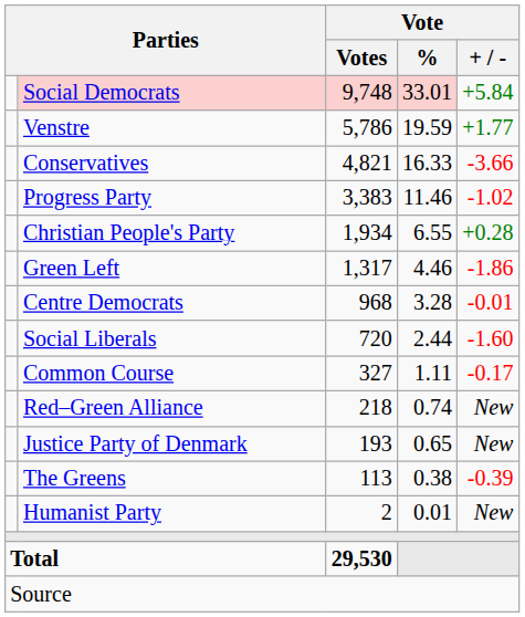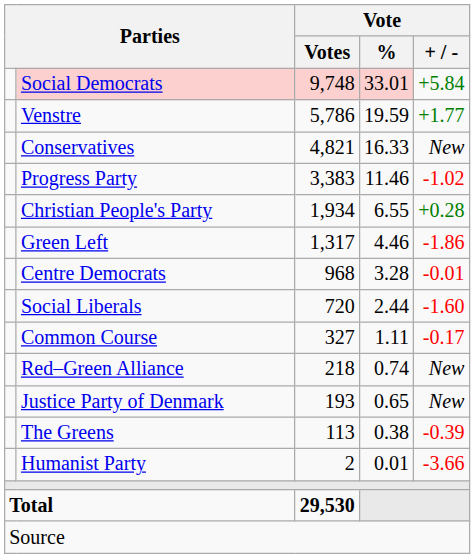 <table class="wikitable" style="text-align:right;">
 <tr>
 <th style="text-align:centre;" rowspan="2" colspan="2" width="225">Parties</th>
 <th colspan="3">Vote</th>
 </tr>
 <tr>
 <th width="15">Votes</th>
 <th width="15">%</th>
 <th width="15">+ / -</th>
 </tr>
 <tr>
 <td width="2" style="color:inherit;background:"></td>
 <td bgcolor=#fbd0ce  align="left"><a href='#'>Social Democrats</a></td>
 <td bgcolor=#fbd0ce>9,748</td>
 <td bgcolor=#fbd0ce>33.01</td>
 <td style=color:green;>+5.84</td>
 </tr>
 <tr>
 <td width="2" style="color:inherit;background:"></td>
 <td align="left"><a href='#'>Venstre</a></td>
 <td>5,786</td>
 <td>19.59</td>
 <td style=color:green;>+1.77</td>
 </tr>
 <tr>
 <td width="2" style="color:inherit;background:"></td>
 <td align="left"><a href='#'>Conservatives</a></td>
 <td>4,821</td>
 <td>16.33</td>
-<td style=color:red;>-3.66</td>
+<td><em>New</em></td>
 </tr>
 <tr>
 <td width="2" style="color:inherit;background:"></td>
 <td align="left"><a href='#'>Progress Party</a></td>
 <td>3,383</td>
 <td>11.46</td>
 <td style=color:red;>-1.02</td>
 </tr>
 <tr>
 <td width="2" style="color:inherit;background:"></td>
 <td align="left"><a href='#'>Christian People's Party</a></td>
 <td>1,934</td>
 <td>6.55</td>
 <td style=color:green;>+0.28</td>
 </tr>
 <tr>
 <td width="2" style="color:inherit;background:"></td>
 <td align="left"><a href='#'>Green Left</a></td>
 <td>1,317</td>
 <td>4.46</td>
 <td style=color:red;>-1.86</td>
 </tr>
 <tr>
 <td width="2" style="color:inherit;background:"></td>
 <td align="left"><a href='#'>Centre Democrats</a></td>
 <td>968</td>
 <td>3.28</td>
 <td style=color:red;>-0.01</td>
 </tr>
 <tr>
 <td width="2" style="color:inherit;background:"></td>
 <td align="left"><a href='#'>Social Liberals</a></td>
 <td>720</td>
 <td>2.44</td>
 <td style=color:red;>-1.60</td>
 </tr>
 <tr>
 <td width="2" style="color:inherit;background:"></td>
 <td align="left"><a href='#'>Common Course</a></td>
 <td>327</td>
 <td>1.11</td>
 <td style=color:red;>-0.17</td>
 </tr>
 <tr>
 <td width="2" style="color:inherit;background:"></td>
 <td align="left"><a href='#'>Red–Green Alliance</a></td>
 <td>218</td>
 <td>0.74</td>
 <td><em>New</em></td>
 </tr>
 <tr>
 <td width="2" style="color:inherit;background:"></td>
 <td align="left"><a href='#'>Justice Party of Denmark</a></td>
 <td>193</td>
 <td>0.65</td>
 <td><em>New</em></td>
 </tr>
 <tr>
 <td width="2" style="color:inherit;background:"></td>
 <td align="left"><a href='#'>The Greens</a></td>
 <td>113</td>
 <td>0.38</td>
 <td style=color:red;>-0.39</td>
 </tr>
 <tr>
 <td width="2" style="color:inherit;background:"></td>
 <td align="left"><a href='#'>Humanist Party</a></td>
 <td>2</td>
 <td>0.01</td>
-<td><em>New</em></td>
+<td style=color:red;>-3.66</td>
 </tr>
 <tr>
 <td colspan="7" bgcolor="#E9E9E9"></td>
 </tr>
 <tr>
 <td align="left" colspan="2"><strong>Total</strong></td>
 <td><strong>29,530</strong></td>
 <td bgcolor="#E9E9E9" colspan="2"></td>
 </tr>
 <tr>
 <td align="left" colspan="6">Source</td>
 </tr>
 </table>
